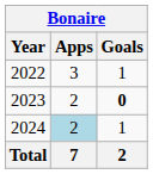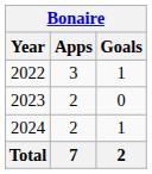 <table class="wikitable" style="text-align:center">
 <tr>
 <th colspan=3><a href='#'>Bonaire</a></th>
 </tr>
 <tr>
 <th>Year</th>
 <th>Apps</th>
 <th>Goals</th>
 </tr>
 <tr>
 <td>2022</td>
 <td>3</td>
 <td>1</td>
 </tr>
 <tr>
 <td>2023</td>
 <td>2</td>
-<td><strong>0</strong></td>
+<td>0</td>
 </tr>
 <tr>
 <td>2024</td>
-<td style="background: lightblue;">2</td>
+<td>2</td>
 <td>1</td>
 </tr>
 <tr>
 <th>Total</th>
 <th>7</th>
 <th>2</th>
 </tr>
 </table>
